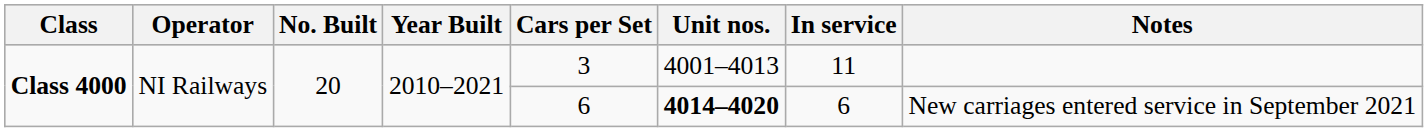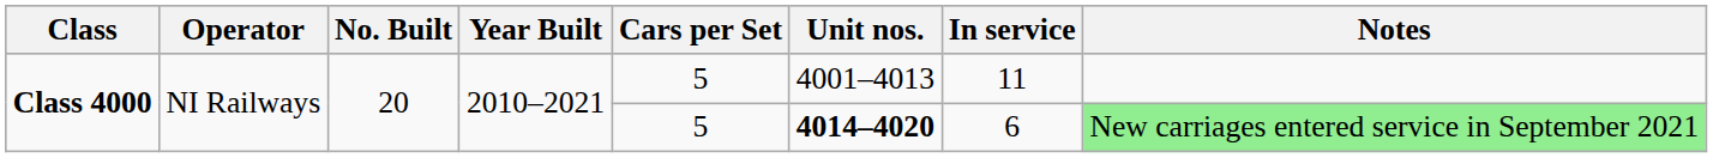 <table class="wikitable" style="text-align:center">
 <tr>
 <th>Class</th>
 <th>Operator</th>
 <th>No. Built</th>
 <th>Year Built</th>
 <th>Cars per Set</th>
 <th>Unit nos.</th>
 <th>In service</th>
 <th>Notes</th>
 </tr>
 <tr>
 <td rowspan="4"><strong>Class 4000</strong></td>
 <td rowspan="4">NI Railways</td>
 <td rowspan="4">20</td>
 <td rowspan="4">2010–2021</td>
-<td>3</td>
+<td>5</td>
 <td>4001–4013</td>
 <td>11</td>
 <td></td>
 </tr>
 <tr>
-<td>6</td>
+<td>5</td>
 <td><strong>4014–4020</strong></td>
 <td>6</td>
-<td>New carriages entered service in September 2021</td>
+<td style="background: lightgreen;">New carriages entered service in September 2021</td>
 </tr>
 </table>
